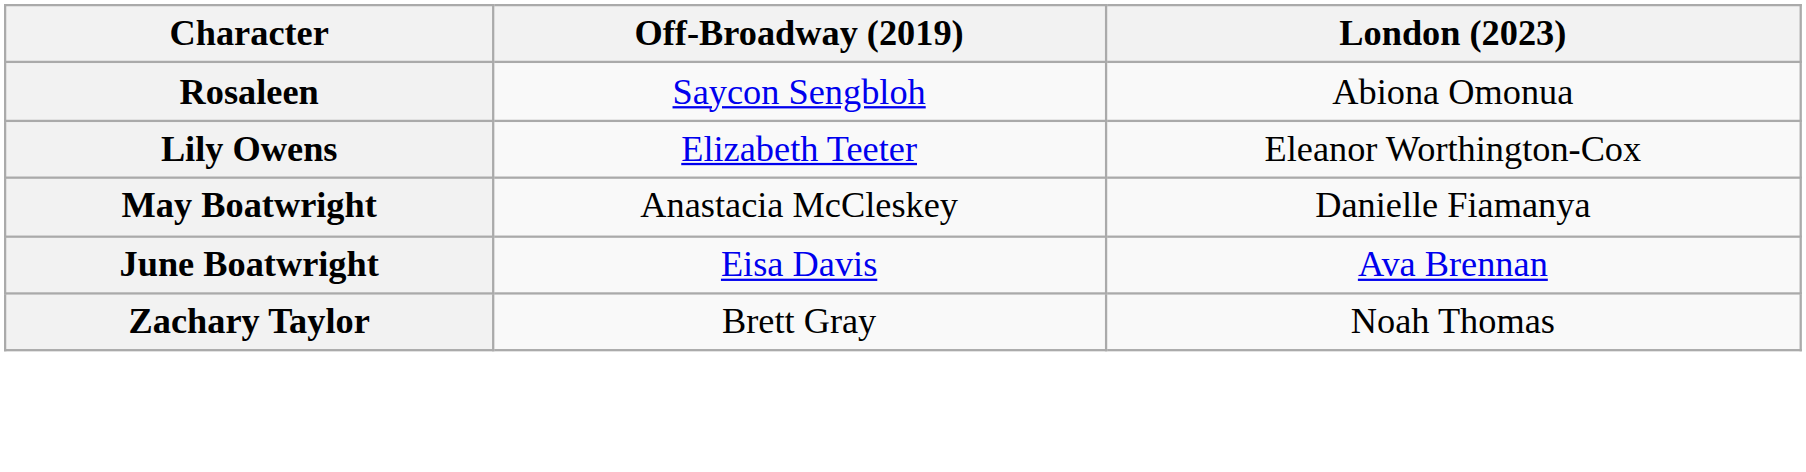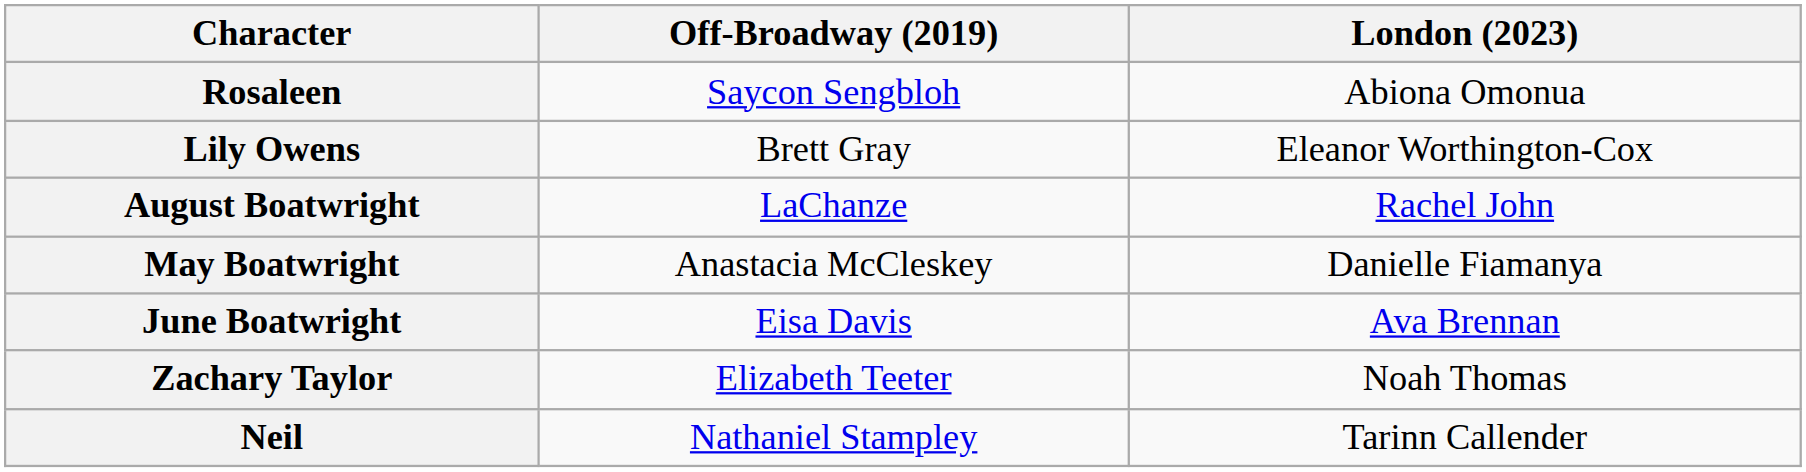 <table class="wikitable" style="width:50%; text-align:center">
 <tr>
 <th scope="col">Character</th>
 <th>Off-Broadway (2019)</th>
 <th>London (2023)</th>
 </tr>
 <tr>
 <th>Rosaleen</th>
 <td colspan="1"><a href='#'>Saycon Sengbloh</a></td>
 <td colspan="1">Abiona Omonua</td>
 </tr>
 <tr>
 <th>Lily Owens</th>
-<td colspan="1”"><a href='#'>Elizabeth Teeter</a></td>
+<td colspan="1">Brett Gray</td>
 <td colspan="1”">Eleanor Worthington-Cox</td>
+</tr>
+<tr>
+<th>August Boatwright</th>
+<td colspan="1”"><a href='#'>LaChanze</a></td>
+<td colspan="1”"><a href='#'>Rachel John</a></td>
 </tr>
 <tr>
 <th>May Boatwright</th>
 <td colspan="1">Anastacia McCleskey</td>
 <td colspan="1">Danielle Fiamanya</td>
 </tr>
 <tr>
 <th>June Boatwright</th>
 <td colspan="1"><a href='#'>Eisa Davis</a></td>
 <td colspan="1"><a href='#'>Ava Brennan</a></td>
 </tr>
 <tr>
 <th>Zachary Taylor</th>
-<td colspan="1">Brett Gray</td>
+<td colspan="1”"><a href='#'>Elizabeth Teeter</a></td>
 <td colspan="1">Noah Thomas</td>
 </tr>
+<tr>
+<th>Neil</th>
+<td colspan="1"><a href='#'>Nathaniel Stampley</a></td>
+<td colspan="1">Tarinn Callender</td>
+</tr>
 </table>
